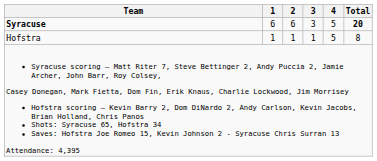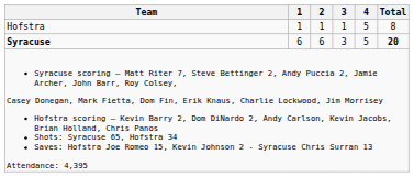 <table class="wikitable" style="text-align:center; max-width:45em">
 <tr>
 <th>Team</th>
 <th style="width:2em">1</th>
 <th style="width:2em">2</th>
 <th style="width:2em">3</th>
 <th style="width:2em">4</th>
 <th style="width:2em">Total</th>
 </tr>
 <tr>
+<td style="text-align:left">Hofstra</td>
+<td>1</td>
+<td>1</td>
+<td>1</td>
+<td>5</td>
+<td>8</td>
+</tr>
+<tr>
 <td style="text-align:left"><strong>Syracuse</strong></td>
 <td>6</td>
 <td>6</td>
 <td>3</td>
 <td>5</td>
 <td><strong>20</strong></td>
 </tr>
 <tr>
-<td style="text-align:left">Hofstra</td>
-<td>1</td>
-<td>1</td>
-<td>1</td>
-<td>5</td>
-<td>8</td>
-</tr>
-<tr>
 <td colspan=6 style="text-align:left; font-size:88%;"><br><ul><li>Syracuse scoring – Matt Riter 7, Steve Bettinger 2, Andy Puccia 2, Jamie Archer, John Barr, Roy Colsey,</li></ul>Casey Donegan, Mark Fietta, Dom Fin, Erik Knaus, Charlie Lockwood, Jim Morrisey<ul><li>Hofstra scoring – Kevin Barry 2, Dom DiNardo 2, Andy Carlson, Kevin Jacobs, Brian Holland, Chris Panos</li><li>Shots: Syracuse 65, Hofstra 34</li><li>Saves: Hofstra Joe Romeo 15, Kevin Johnson 2 - Syracuse Chris Surran 13</li></ul>Attendance: 4,395 </td>
 </tr>
 </table>
